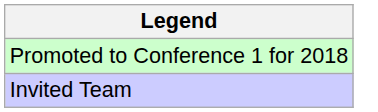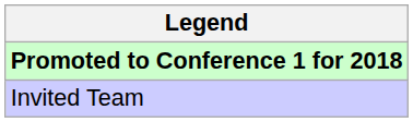 <table class="wikitable">
 <tr>
 <th>Legend</th>
 </tr>
 <tr bgcolor=ccffcc>
-<td>Promoted to Conference 1 for 2018</td>
+<td><strong>Promoted to Conference 1 for 2018</strong></td>
 </tr>
 <tr bgcolor=ccccff>
 <td>Invited Team</td>
 </tr>
 </table>
